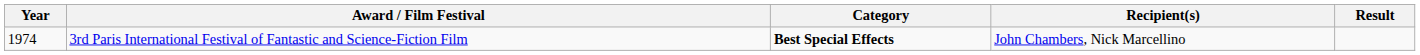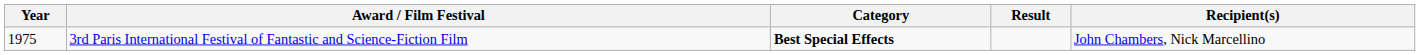 <table class="wikitable" style="width: 99%;">
 <tr>
 <th scope="col">Year</th>
 <th scope="col">Award / Film Festival</th>
 <th scope="col">Category</th>
+<th scope="col">Result</th>
 <th scope="col">Recipient(s)</th>
-<th scope="col">Result</th>
 </tr>
 <tr>
-<td>1974</td>
+<td>1975</td>
 <td><a href='#'>3rd Paris International Festival of Fantastic and Science-Fiction Film</a></td>
 <td><strong>Best Special Effects</strong></td>
+<td></td>
 <td><a href='#'>John Chambers</a>, Nick Marcellino</td>
-<td></td>
 </tr>
 </table>
